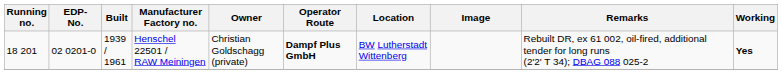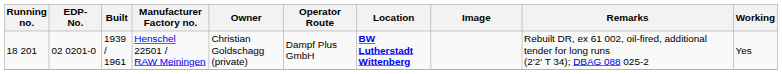 <table class="wikitable" style="width="100%"; border:solid 1px #AAAAAA;background:#e3e3e3;">
 <tr>
 <th width="5%">Running<br>no.</th>
 <th width="7%">EDP-<br>No.</th>
 <th width="4%">Built</th>
 <th width="10%">Manufacturer<br>Factory no.</th>
 <th width="10%">Owner</th>
 <th width="10%">Operator<br>Route</th>
 <th width="10%">Location</th>
 <th width="13%">Image</th>
 <th width="37%">Remarks</th>
 <th width="7%">Working</th>
 </tr>
 <tr>
 <td>18 201</td>
 <td>02 0201-0</td>
 <td>1939 / 1961</td>
 <td><a href='#'>Henschel</a> <br>22501 / <a href='#'>RAW Meiningen</a><br></td>
 <td>Christian Goldschagg (private)</td>
-<td><strong>Dampf Plus GmbH</strong></td>
-<td><a href='#'>BW</a> <a href='#'>Lutherstadt Wittenberg</a></td>
+<td>Dampf Plus GmbH</td>
+<td><strong><a href='#'>BW</a> <a href='#'>Lutherstadt Wittenberg</a></strong></td>
 <td></td>
 <td>Rebuilt DR, ex 61 002, oil-fired, additional tender for long runs <br>(2'2' T 34); <a href='#'>DBAG 088</a> 025-2</td>
-<td><strong>Yes</strong></td>
+<td>Yes</td>
 </tr>
 <tr>
 </tr>
 </table>
